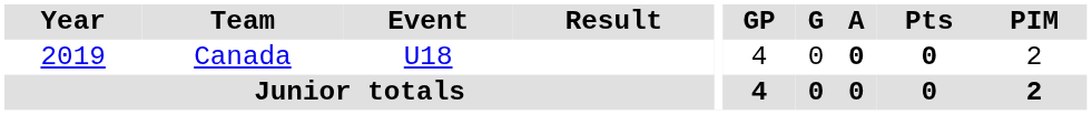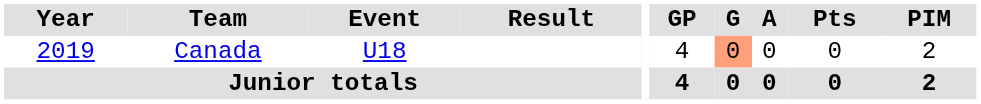 <table border="0" cellpadding="1" cellspacing="0" ID="Table3" style="text-align:center; width:40em">
 <tr ALIGN="center" bgcolor="#e0e0e0">
 <th>Year</th>
 <th>Team</th>
 <th>Event</th>
 <th>Result</th>
 <th rowspan="99" bgcolor="#ffffff"></th>
 <th>GP</th>
 <th>G</th>
 <th>A</th>
 <th>Pts</th>
 <th>PIM</th>
 </tr>
 <tr>
 <td><a href='#'>2019</a></td>
 <td><a href='#'>Canada</a></td>
 <td><a href='#'>U18</a></td>
 <td></td>
 <td>4</td>
+<td style="background: lightsalmon;">0</td>
 <td>0</td>
-<td><strong>0</strong></td>
-<td><strong>0</strong></td>
+<td>0</td>
 <td>2</td>
 </tr>
 <tr bgcolor="#e0e0e0">
 <th colspan="4">Junior totals</th>
 <th>4</th>
 <th>0</th>
 <th>0</th>
 <th>0</th>
 <th>2</th>
 </tr>
 </table>
